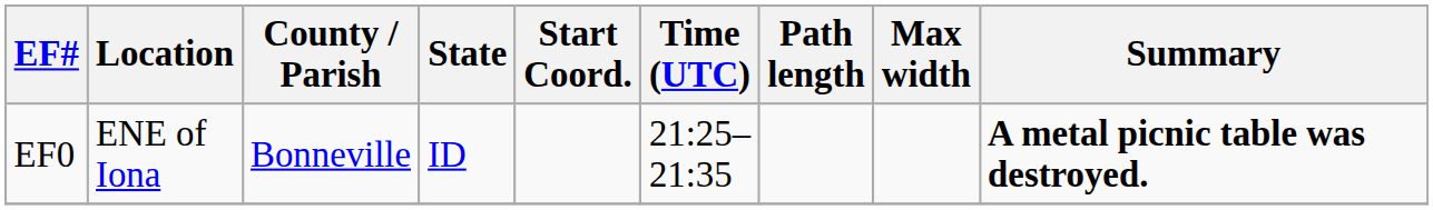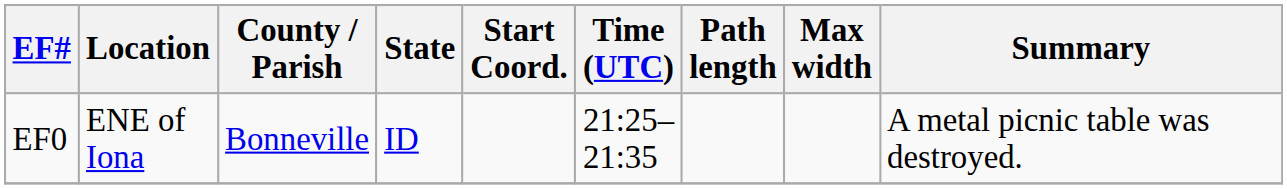 <table class="wikitable sortable" style="width:100%;">
 <tr>
 <th scope="col"  style="width:3%; text-align:center;"><a href='#'>EF#</a></th>
 <th scope="col"  style="width:7%; text-align:center;" class="unsortable">Location</th>
 <th scope="col"  style="width:6%; text-align:center;" class="unsortable">County / Parish</th>
 <th scope="col"  style="width:5%; text-align:center;">State</th>
 <th scope="col"  style="width:6%; text-align:center;">Start Coord.</th>
 <th scope="col"  style="width:6%; text-align:center;">Time (<a href='#'>UTC</a>)</th>
 <th scope="col"  style="width:6%; text-align:center;">Path length</th>
 <th scope="col"  style="width:6%; text-align:center;">Max width</th>
 <th scope="col" class="unsortable" style="width:48%; text-align:center;">Summary</th>
 </tr>
 <tr>
 <td>EF0</td>
 <td>ENE of <a href='#'>Iona</a></td>
 <td><a href='#'>Bonneville</a></td>
 <td><a href='#'>ID</a></td>
 <td></td>
 <td>21:25–21:35</td>
 <td></td>
 <td></td>
-<td><strong>A metal picnic table was destroyed.</strong></td>
+<td>A metal picnic table was destroyed.</td>
 </tr>
 <tr>
 </tr>
 </table>
